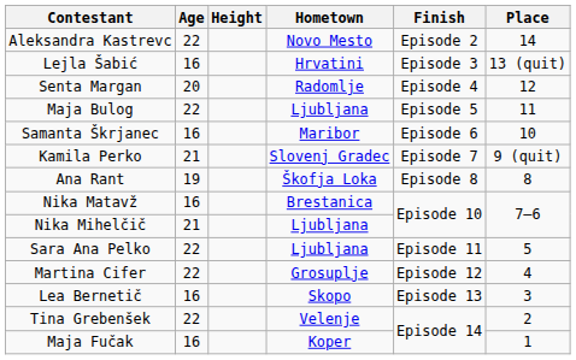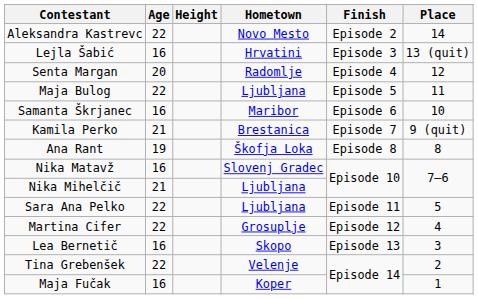 <table class="wikitable sortable" style="text-align:center;">
 <tr>
 <th>Contestant</th>
 <th>Age</th>
 <th>Height</th>
 <th>Hometown</th>
 <th>Finish</th>
 <th>Place</th>
 </tr>
 <tr>
 <td>Aleksandra Kastrevc</td>
 <td>22</td>
 <td></td>
 <td><a href='#'>Novo Mesto</a></td>
 <td>Episode 2</td>
 <td>14</td>
 </tr>
 <tr>
 <td>Lejla Šabić</td>
 <td>16</td>
 <td></td>
 <td><a href='#'>Hrvatini</a></td>
 <td>Episode 3</td>
 <td>13 (quit)</td>
 </tr>
 <tr>
 <td>Senta Margan</td>
 <td>20</td>
 <td></td>
 <td><a href='#'>Radomlje</a></td>
 <td>Episode 4</td>
 <td>12</td>
 </tr>
 <tr>
 <td>Maja Bulog</td>
 <td>22</td>
 <td></td>
 <td><a href='#'>Ljubljana</a></td>
 <td>Episode 5</td>
 <td>11</td>
 </tr>
 <tr>
 <td>Samanta Škrjanec</td>
 <td>16</td>
 <td></td>
 <td><a href='#'>Maribor</a></td>
 <td>Episode 6</td>
 <td>10</td>
 </tr>
 <tr>
 <td>Kamila Perko</td>
 <td>21</td>
 <td></td>
-<td><a href='#'>Slovenj Gradec</a></td>
+<td><a href='#'>Brestanica</a></td>
 <td>Episode 7</td>
 <td>9 (quit)</td>
 </tr>
 <tr>
 <td>Ana Rant</td>
 <td>19</td>
 <td></td>
 <td><a href='#'>Škofja Loka</a></td>
 <td>Episode 8</td>
 <td>8</td>
 </tr>
 <tr>
 <td>Nika Matavž</td>
 <td>16</td>
 <td></td>
-<td><a href='#'>Brestanica</a></td>
+<td><a href='#'>Slovenj Gradec</a></td>
 <td rowspan="2">Episode 10</td>
 <td rowspan="2">7–6</td>
 </tr>
 <tr>
 <td>Nika Mihelčič</td>
 <td>21</td>
 <td></td>
 <td><a href='#'>Ljubljana</a></td>
 </tr>
 <tr>
 <td>Sara Ana Pelko</td>
 <td>22</td>
 <td></td>
 <td><a href='#'>Ljubljana</a></td>
 <td>Episode 11</td>
 <td>5</td>
 </tr>
 <tr>
 <td>Martina Cifer</td>
 <td>22</td>
 <td></td>
 <td><a href='#'>Grosuplje</a></td>
 <td>Episode 12</td>
 <td>4</td>
 </tr>
 <tr>
 <td>Lea Bernetič</td>
 <td>16</td>
 <td></td>
 <td><a href='#'>Skopo</a></td>
 <td>Episode 13</td>
 <td>3</td>
 </tr>
 <tr>
 <td>Tina Grebenšek</td>
 <td>22</td>
 <td></td>
 <td><a href='#'>Velenje</a></td>
 <td rowspan="2">Episode 14</td>
 <td>2</td>
 </tr>
 <tr>
 <td>Maja Fučak</td>
 <td>16</td>
 <td></td>
 <td><a href='#'>Koper</a></td>
 <td>1</td>
 </tr>
 </table>
